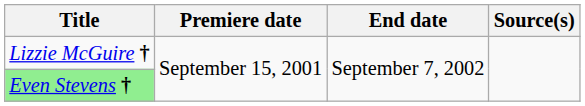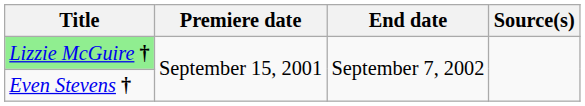 <table class="wikitable sortable">
 <tr>
 <th>Title</th>
 <th>Premiere date</th>
 <th>End date</th>
 <th>Source(s)</th>
 </tr>
 <tr>
-<td><em><a href='#'>Lizzie McGuire</a></em> <strong>†</strong></td>
+<td style="background: lightgreen;"><em><a href='#'>Lizzie McGuire</a></em> <strong>†</strong></td>
 <td rowspan=2>September 15, 2001</td>
 <td rowspan=2>September 7, 2002</td>
 </tr>
 <tr>
-<td style="background: lightgreen;"><em><a href='#'>Even Stevens</a></em> <strong>†</strong></td>
+<td><em><a href='#'>Even Stevens</a></em> <strong>†</strong></td>
 </tr>
 </table>
